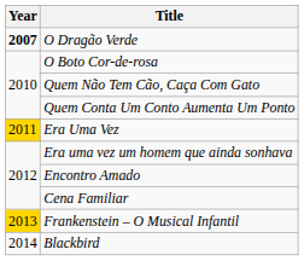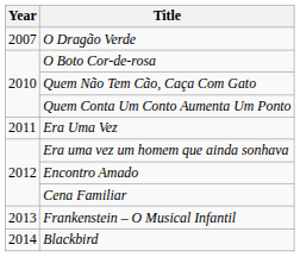 <table class="wikitable">
 <tr>
 <th>Year</th>
 <th>Title</th>
 </tr>
 <tr>
-<td><strong>2007</strong></td>
+<td>2007</td>
 <td><em>O Dragão Verde</em></td>
 </tr>
 <tr>
 <td rowspan="3">2010</td>
 <td><em>O Boto Cor-de-rosa</em></td>
 </tr>
 <tr>
 <td><em>Quem Não Tem Cão, Caça Com Gato</em></td>
 </tr>
 <tr>
 <td><em>Quem Conta Um Conto Aumenta Um Ponto</em></td>
 </tr>
 <tr>
-<td style="background: gold;">2011</td>
+<td>2011</td>
 <td><em>Era Uma Vez</em></td>
 </tr>
 <tr>
 <td rowspan="3">2012</td>
 <td><em>Era uma vez um homem que ainda sonhava</em></td>
 </tr>
 <tr>
 <td><em>Encontro Amado</em></td>
 </tr>
 <tr>
 <td><em>Cena Familiar</em></td>
 </tr>
 <tr>
-<td style="background: gold;">2013</td>
+<td>2013</td>
 <td><em>Frankenstein – O Musical Infantil</em></td>
 </tr>
 <tr>
 <td>2014</td>
 <td><em>Blackbird</em></td>
 </tr>
 </table>
